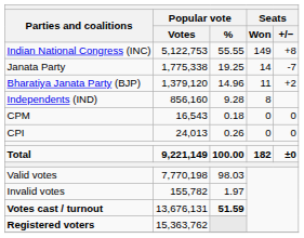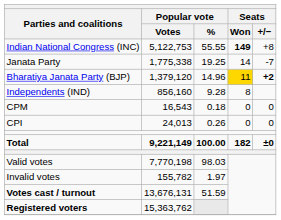 <table class="wikitable" style="text-align:right; font-size:95%;">
 <tr>
 <th colspan=10></th>
 </tr>
 <tr>
 <th rowspan="2">Parties and coalitions</th>
 <th colspan="2">Popular vote</th>
 <th colspan="2">Seats</th>
 </tr>
 <tr>
 <th width="70">Votes</th>
 <th width="45">%</th>
 <th width="30">Won</th>
 <th width="30">+/−</th>
 </tr>
 <tr>
 <td align="left"><a href='#'>Indian National Congress</a> (INC)</td>
 <td>5,122,753</td>
 <td>55.55</td>
-<td>149</td>
+<td><strong>149</strong></td>
 <td>+8</td>
 </tr>
 <tr>
 <td align="left">Janata Party</td>
 <td>1,775,338</td>
 <td>19.25</td>
 <td>14</td>
 <td>-7</td>
 </tr>
 <tr>
 <td align="left"><a href='#'>Bharatiya Janata Party</a> (BJP)</td>
 <td>1,379,120</td>
 <td>14.96</td>
-<td>11</td>
-<td>+2</td>
+<td style="background: gold;">11</td>
+<td><strong>+2</strong></td>
 </tr>
 <tr>
 <td align="left"><a href='#'>Independents</a> (IND)</td>
 <td>856,160</td>
 <td>9.28</td>
 <td>8</td>
 <td></td>
 </tr>
 <tr>
 <td align="left">CPM</td>
 <td>16,543</td>
 <td>0.18</td>
 <td>0</td>
 <td>0</td>
 </tr>
 <tr>
 <td align="left">CPI</td>
 <td>24,013</td>
 <td>0.26</td>
 <td>0</td>
 <td>0</td>
 </tr>
 <tr>
 <td colspan="5"></td>
 </tr>
 <tr style="font-weight:bold;">
 <td align="left">Total</td>
 <td>9,221,149</td>
 <td>100.00</td>
 <td>182</td>
 <td>±0</td>
 </tr>
 <tr>
 <th colspan="5"></th>
 </tr>
 <tr>
 <td align="left">Valid votes</td>
 <td align="right">7,770,198</td>
 <td align="right">98.03</td>
 <td colspan="2" rowspan="4"></td>
 </tr>
 <tr>
 <td align="left">Invalid votes</td>
 <td align="right">155,782</td>
 <td align="right">1.97</td>
 </tr>
 <tr>
 <td align="left"><strong>Votes cast / turnout</strong></td>
 <td align="right">13,676,131</td>
-<td align="right"><strong>51.59</strong></td>
+<td align="right">51.59</td>
 </tr>
 <tr>
 <td align="left"><strong>Registered voters</strong></td>
 <td align="right">15,363,762</td>
 <td colspan="1" style="background-color:#E9E9E9"></td>
 </tr>
 <tr>
 </tr>
 </table>
